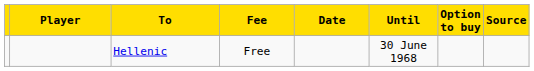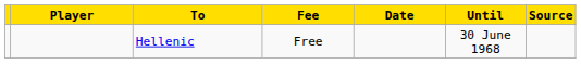 <table class="wikitable sortable">
 <tr>
 <th style="background:#FFDE00"></th>
 <th width=200 style="background:#FFDE00">Player</th>
 <th width=200 style="background:#FFDE00">To</th>
 <th width=150 style="background:#FFDE00">Fee</th>
 <th width=150 style="background:#FFDE00">Date</th>
 <th width=120 style="background:#FFDE00">Until</th>
-<th style="background:#FFDE00">Option to buy</th>
 <th style="background:#FFDE00">Source</th>
 </tr>
 <tr>
 <td align=center></td>
 <td></td>
 <td> <a href='#'>Hellenic</a></td>
 <td align=center>Free</td>
 <td align=center></td>
 <td align=center>30 June 1968</td>
 <td align=center></td>
-<td align=center></td>
 </tr>
 </table>
